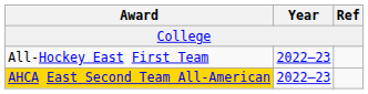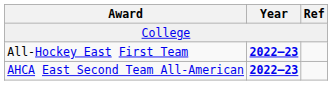 <table class="wikitable">
 <tr>
 <th>Award</th>
 <th>Year</th>
 <th>Ref</th>
 </tr>
 <tr align=center bgcolor=f0f0f0>
 <td colspan="3"><a href='#'>College</a></td>
 </tr>
 <tr>
 <td>All-<a href='#'>Hockey East</a> <a href='#'>First Team</a></td>
-<td><a href='#'>2022–23</a></td>
+<td><strong><a href='#'>2022–23</a></strong></td>
 <td></td>
 </tr>
 <tr>
-<td style="background: gold;"><a href='#'>AHCA</a> <a href='#'>East Second Team All-American</a></td>
-<td><a href='#'>2022–23</a></td>
+<td><a href='#'>AHCA</a> <a href='#'>East Second Team All-American</a></td>
+<td><strong><a href='#'>2022–23</a></strong></td>
 <td></td>
 </tr>
 </table>
